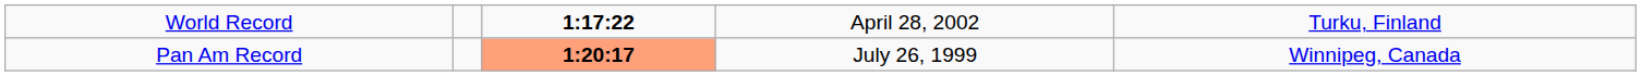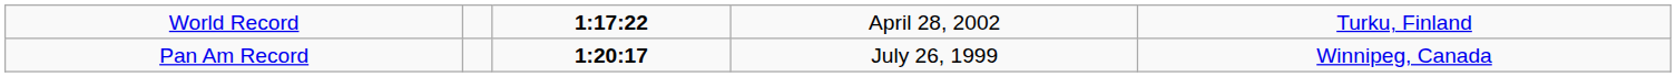 <table class="wikitable" style=" text-align:center; font-size:95%;" width="75%">
 <tr>
 <td><a href='#'>World Record</a></td>
 <td></td>
 <td><strong>1:17:22</strong></td>
 <td>April 28, 2002</td>
 <td> <a href='#'>Turku, Finland</a></td>
 </tr>
 <tr>
 <td><a href='#'>Pan Am Record</a></td>
 <td></td>
-<td style="background: lightsalmon;"><strong>1:20:17</strong></td>
+<td><strong>1:20:17</strong></td>
 <td>July 26, 1999</td>
 <td> <a href='#'>Winnipeg, Canada</a></td>
 </tr>
 </table>
